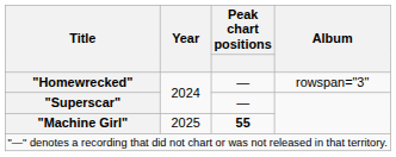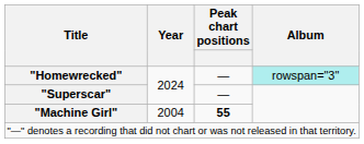 <table class="wikitable plainrowheaders" style="text-align:center">
 <tr>
 <th scope="col" rowspan="2">Title</th>
 <th scope="col" rowspan="2">Year</th>
 <th scope="col">Peak chart positions</th>
 <th scope="col" rowspan="2">Album</th>
 </tr>
 <tr>
 <th scope="col" style="width:3em;font-size:85%;"><a href='#'></a><br></th>
 </tr>
 <tr>
 <th scope="row">"Homewrecked"</th>
 <td rowspan="2">2024</td>
 <td>—</td>
-<td>rowspan="3" </td>
+<td style="background: paleturquoise;">rowspan="3" </td>
 </tr>
 <tr>
 <th scope="row">"Superscar"</th>
 <td>—</td>
 </tr>
 <tr>
 <th scope="row">"Machine Girl"</th>
-<td scope="row">2025</td>
+<td scope="row">2004</td>
 <td><strong>55</strong></td>
 </tr>
 <tr>
 <td colspan="4" style="font-size:85%">"—" denotes a recording that did not chart or was not released in that territory.</td>
 </tr>
 </table>
